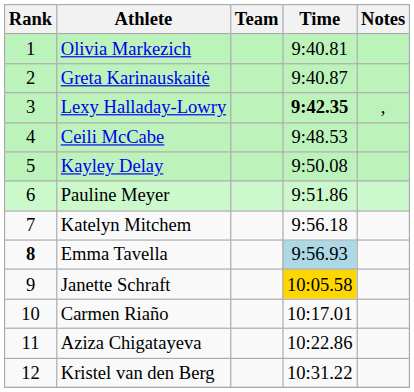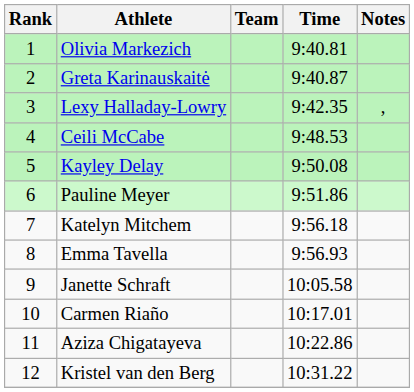 <table class="wikitable sortable" style="text-align:center">
 <tr>
 <th>Rank</th>
 <th>Athlete</th>
 <th>Team</th>
 <th>Time</th>
 <th>Notes</th>
 </tr>
 <tr bgcolor=bbf3bb>
 <td>1</td>
 <td align=left> <a href='#'>Olivia Markezich</a></td>
 <td></td>
 <td>9:40.81</td>
 <td></td>
 </tr>
 <tr bgcolor=bbf3bb>
 <td>2</td>
 <td align=left> <a href='#'>Greta Karinauskaitė</a></td>
 <td></td>
 <td>9:40.87</td>
 <td></td>
 </tr>
 <tr bgcolor=bbf3bb>
 <td>3</td>
 <td align=left> <a href='#'>Lexy Halladay-Lowry</a></td>
 <td></td>
-<td><strong>9:42.35</strong></td>
+<td>9:42.35</td>
 <td>, </td>
 </tr>
 <tr bgcolor=bbf3bb>
 <td>4</td>
 <td align=left> <a href='#'>Ceili McCabe</a></td>
 <td></td>
 <td>9:48.53</td>
 <td></td>
 </tr>
 <tr bgcolor=bbf3bb>
 <td>5</td>
 <td align=left> <a href='#'>Kayley Delay</a></td>
 <td></td>
 <td>9:50.08</td>
 <td></td>
 </tr>
 <tr bgcolor=ccf9cc>
 <td>6</td>
 <td align=left> Pauline Meyer</td>
 <td></td>
 <td>9:51.86</td>
 <td></td>
 </tr>
 <tr>
 <td>7</td>
 <td align=left> Katelyn Mitchem</td>
 <td></td>
 <td>9:56.18</td>
 <td></td>
 </tr>
 <tr>
-<td><strong>8</strong></td>
+<td>8</td>
 <td align=left> Emma Tavella</td>
 <td></td>
-<td style="background: lightblue;">9:56.93</td>
+<td>9:56.93</td>
 <td></td>
 </tr>
 <tr>
 <td>9</td>
 <td align=left> Janette Schraft</td>
 <td></td>
-<td style="background: gold;">10:05.58</td>
+<td>10:05.58</td>
 <td></td>
 </tr>
 <tr>
 <td>10</td>
 <td align=left> Carmen Riaño</td>
 <td></td>
 <td>10:17.01</td>
 <td></td>
 </tr>
 <tr>
 <td>11</td>
 <td align=left> Aziza Chigatayeva</td>
 <td></td>
 <td>10:22.86</td>
 <td></td>
 </tr>
 <tr>
 <td>12</td>
 <td align=left> Kristel van den Berg</td>
 <td></td>
 <td>10:31.22</td>
 <td></td>
 </tr>
 <tr>
 </tr>
 </table>
